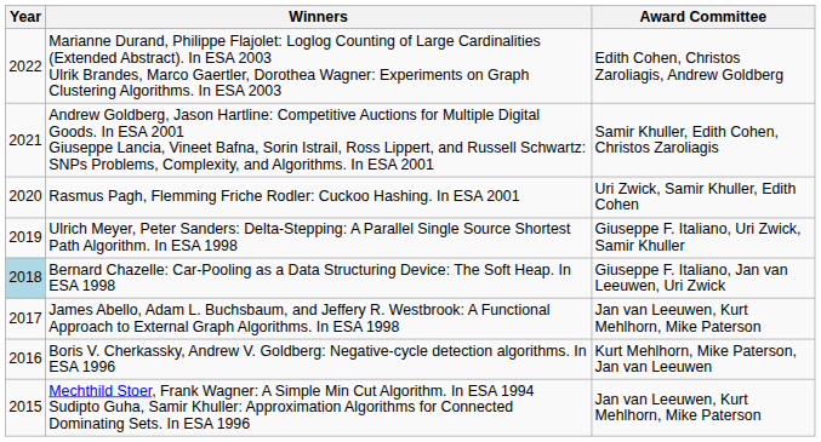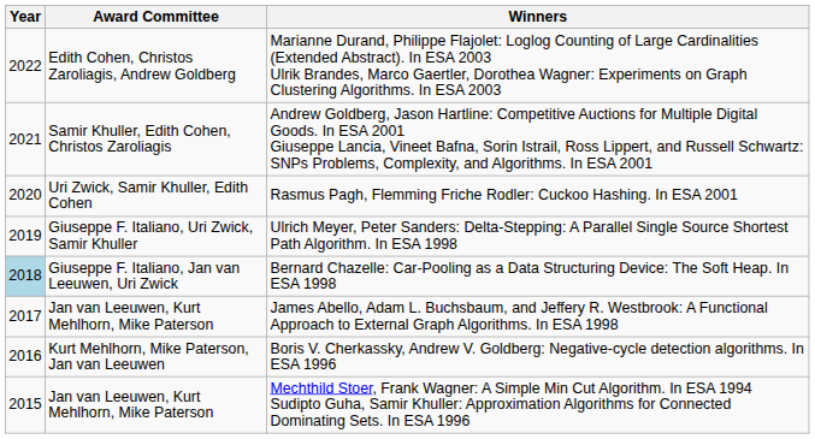 <table class="wikitable">
 <tr>
 <th>Year</th>
+<th><strong>Award Committee</strong></th>
 <th>Winners</th>
-<th><strong>Award Committee</strong></th>
 </tr>
 <tr>
 <td>2022</td>
+<td>Edith Cohen, Christos Zaroliagis, Andrew Goldberg</td>
 <td>Marianne Durand, Philippe Flajolet: Loglog Counting of Large Cardinalities (Extended Abstract). In ESA 2003<br>Ulrik Brandes, Marco Gaertler, Dorothea Wagner: Experiments on Graph Clustering Algorithms. In ESA 2003</td>
-<td>Edith Cohen, Christos Zaroliagis, Andrew Goldberg</td>
 </tr>
 <tr>
 <td>2021</td>
+<td>Samir Khuller, Edith Cohen, Christos Zaroliagis</td>
 <td>Andrew Goldberg, Jason Hartline: Competitive Auctions for Multiple Digital Goods. In ESA 2001<br>Giuseppe Lancia, Vineet Bafna, Sorin Istrail, Ross Lippert, and Russell Schwartz: SNPs Problems, Complexity, and Algorithms. In ESA 2001</td>
-<td>Samir Khuller, Edith Cohen, Christos Zaroliagis</td>
 </tr>
 <tr>
 <td>2020</td>
+<td>Uri Zwick, Samir Khuller, Edith Cohen</td>
 <td>Rasmus Pagh, Flemming Friche Rodler: Cuckoo Hashing. In ESA 2001</td>
-<td>Uri Zwick, Samir Khuller, Edith Cohen</td>
 </tr>
 <tr>
 <td>2019</td>
+<td>Giuseppe F. Italiano, Uri Zwick, Samir Khuller</td>
 <td>Ulrich Meyer, Peter Sanders: Delta-Stepping: A Parallel Single Source Shortest Path Algorithm. In ESA 1998</td>
-<td>Giuseppe F. Italiano, Uri Zwick, Samir Khuller</td>
 </tr>
 <tr>
 <td style="background: lightblue;">2018</td>
+<td>Giuseppe F. Italiano, Jan van Leeuwen, Uri Zwick</td>
 <td>Bernard Chazelle: Car-Pooling as a Data Structuring Device: The Soft Heap. In ESA 1998</td>
-<td>Giuseppe F. Italiano, Jan van Leeuwen, Uri Zwick</td>
 </tr>
 <tr>
 <td>2017</td>
+<td>Jan van Leeuwen, Kurt Mehlhorn, Mike Paterson</td>
 <td>James Abello, Adam L. Buchsbaum, and Jeffery R. Westbrook: A Functional Approach to External Graph Algorithms. In ESA 1998</td>
-<td>Jan van Leeuwen, Kurt Mehlhorn, Mike Paterson</td>
 </tr>
 <tr>
 <td>2016</td>
+<td>Kurt Mehlhorn, Mike Paterson, Jan van Leeuwen</td>
 <td>Boris V. Cherkassky, Andrew V. Goldberg: Negative-cycle detection algorithms. In ESA 1996</td>
-<td>Kurt Mehlhorn, Mike Paterson, Jan van Leeuwen</td>
 </tr>
 <tr>
 <td>2015</td>
+<td>Jan van Leeuwen, Kurt Mehlhorn, Mike Paterson</td>
 <td><a href='#'>Mechthild Stoer</a>, Frank Wagner: A Simple Min Cut Algorithm. In ESA 1994<br>Sudipto Guha, Samir Khuller: Approximation Algorithms for Connected Dominating Sets. In ESA 1996</td>
-<td>Jan van Leeuwen, Kurt Mehlhorn, Mike Paterson</td>
 </tr>
 </table>
